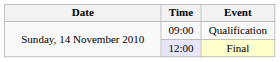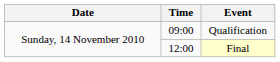 <table class = "wikitable" style="text-align:center;">
 <tr>
 <th width=220>Date</th>
 <th width=50>Time</th>
 <th width=100>Event</th>
 </tr>
 <tr>
 <td rowspan=2>Sunday, 14 November 2010</td>
 <td>09:00</td>
 <td>Qualification</td>
 </tr>
 <tr>
-<td style="background: lavender;">12:00</td>
+<td>12:00</td>
 <td bgcolor=ffffcc>Final</td>
 </tr>
 </table>
